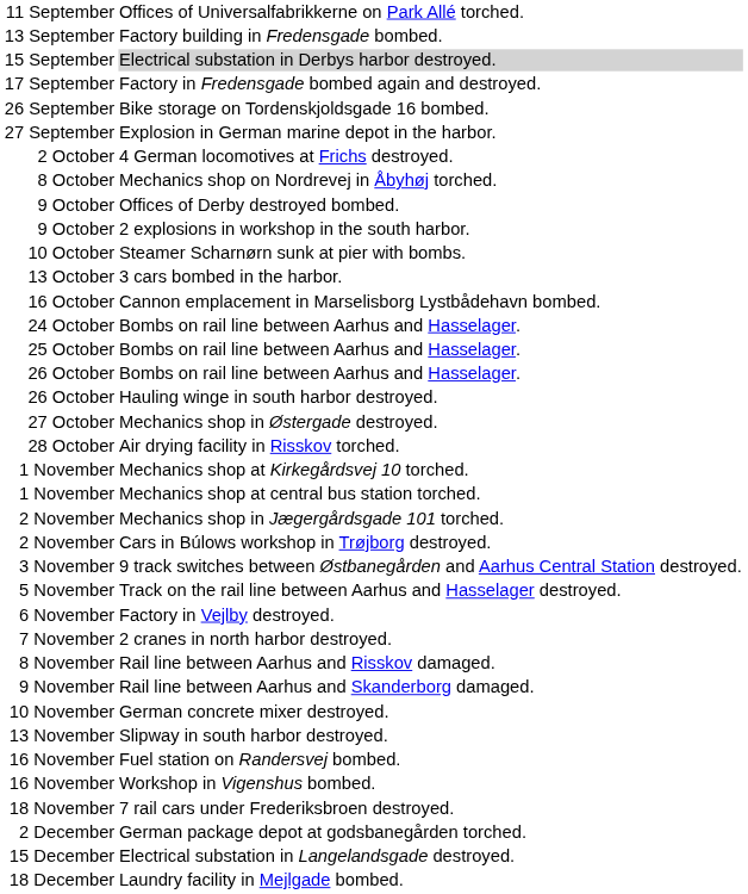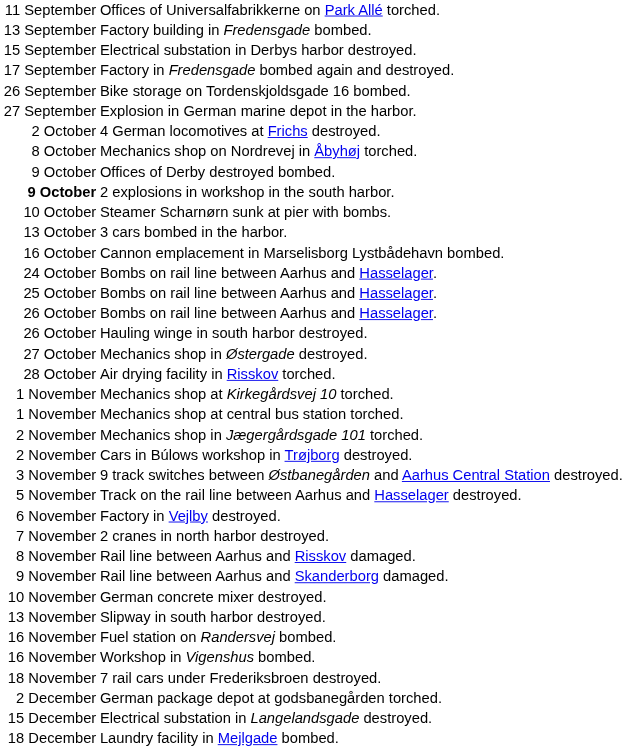 <table>
 <tr>
 <td align="right">11 September</td>
 <td>Offices of Universalfabrikkerne on <a href='#'>Park Allé</a> torched.</td>
 </tr>
 <tr>
 <td align="right">13 September</td>
 <td>Factory building in <em>Fredensgade</em> bombed.</td>
 </tr>
 <tr>
 <td align="right">15 September</td>
-<td style="background: lightgrey;">Electrical substation in Derbys harbor destroyed.</td>
+<td>Electrical substation in Derbys harbor destroyed.</td>
 </tr>
 <tr>
 <td align="right">17 September</td>
 <td>Factory in <em>Fredensgade</em> bombed again and destroyed.</td>
 </tr>
 <tr>
 <td align="right">26 September</td>
 <td>Bike storage on Tordenskjoldsgade 16 bombed.</td>
 </tr>
 <tr>
 <td align="right">27 September</td>
 <td>Explosion in German marine depot in the harbor.</td>
 </tr>
 <tr>
 <td align="right">2 October</td>
 <td>4 German locomotives at <a href='#'>Frichs</a> destroyed.</td>
 </tr>
 <tr>
 <td align="right">8 October</td>
 <td>Mechanics shop on Nordrevej in <a href='#'>Åbyhøj</a> torched.</td>
 </tr>
 <tr>
 <td align="right">9 October</td>
 <td>Offices of Derby destroyed bombed.</td>
 </tr>
 <tr>
-<td align="right">9 October</td>
+<td align="right"><strong>9 October</strong></td>
 <td>2 explosions in workshop in the south harbor.</td>
 </tr>
 <tr>
 <td align="right">10 October</td>
 <td>Steamer Scharnørn sunk at pier with bombs.</td>
 </tr>
 <tr>
 <td align="right">13 October</td>
 <td>3 cars bombed in the harbor.</td>
 </tr>
 <tr>
 <td align="right">16 October</td>
 <td>Cannon emplacement in Marselisborg Lystbådehavn bombed.</td>
 </tr>
 <tr>
 <td align="right">24 October</td>
 <td>Bombs on rail line between Aarhus and <a href='#'>Hasselager</a>.</td>
 </tr>
 <tr>
 <td align="right">25 October</td>
 <td>Bombs  on rail line between Aarhus and <a href='#'>Hasselager</a>.</td>
 </tr>
 <tr>
 <td align="right">26 October</td>
 <td>Bombs  on rail line between Aarhus and <a href='#'>Hasselager</a>.</td>
 </tr>
 <tr>
 <td align="right">26 October</td>
 <td>Hauling winge in south harbor destroyed.</td>
 </tr>
 <tr>
 <td align="right">27 October</td>
 <td>Mechanics shop in <em>Østergade</em> destroyed.</td>
 </tr>
 <tr>
 <td align="right">28 October</td>
 <td>Air drying facility in <a href='#'>Risskov</a> torched.</td>
 </tr>
 <tr>
 <td align="right">1 November</td>
 <td>Mechanics shop at <em>Kirkegårdsvej 10</em> torched.</td>
 </tr>
 <tr>
 <td align="right">1 November</td>
 <td>Mechanics shop at central bus station torched.</td>
 </tr>
 <tr>
 <td align="right">2 November</td>
 <td>Mechanics shop in <em>Jægergårdsgade 101</em> torched.</td>
 </tr>
 <tr>
 <td align="right">2 November</td>
 <td>Cars in Búlows workshop in <a href='#'>Trøjborg</a> destroyed.</td>
 </tr>
 <tr>
 <td align="right">3 November</td>
 <td>9 track switches between <em>Østbanegården</em> and <a href='#'>Aarhus Central Station</a> destroyed.</td>
 </tr>
 <tr>
 <td align="right">5 November</td>
 <td>Track on the rail line between Aarhus and <a href='#'>Hasselager</a> destroyed.</td>
 </tr>
 <tr>
 <td align="right">6 November</td>
 <td>Factory in <a href='#'>Vejlby</a> destroyed.</td>
 </tr>
 <tr>
 <td align="right">7 November</td>
 <td>2 cranes in north harbor destroyed.</td>
 </tr>
 <tr>
 <td align="right">8 November</td>
 <td>Rail line between Aarhus and <a href='#'>Risskov</a> damaged.</td>
 </tr>
 <tr>
 <td align="right">9 November</td>
 <td>Rail line between Aarhus and <a href='#'>Skanderborg</a> damaged.</td>
 </tr>
 <tr>
 <td align="right">10 November</td>
 <td>German concrete mixer destroyed.</td>
 </tr>
 <tr>
 <td align="right">13 November</td>
 <td>Slipway in south harbor destroyed.</td>
 </tr>
 <tr>
 <td align="right">16 November</td>
 <td>Fuel station on <em>Randersvej</em> bombed.</td>
 </tr>
 <tr>
 <td align="right">16 November</td>
 <td>Workshop in <em>Vigenshus</em> bombed.</td>
 </tr>
 <tr>
 <td align="right">18 November</td>
 <td>7 rail cars under Frederiksbroen destroyed.</td>
 </tr>
 <tr>
 <td align="right">2 December</td>
 <td>German package depot at godsbanegården torched.</td>
 </tr>
 <tr>
 <td align="right">15 December</td>
 <td>Electrical substation in <em>Langelandsgade</em> destroyed.</td>
 </tr>
 <tr>
 <td align="right">18 December</td>
 <td>Laundry facility in <a href='#'>Mejlgade</a> bombed.</td>
 </tr>
 </table>
